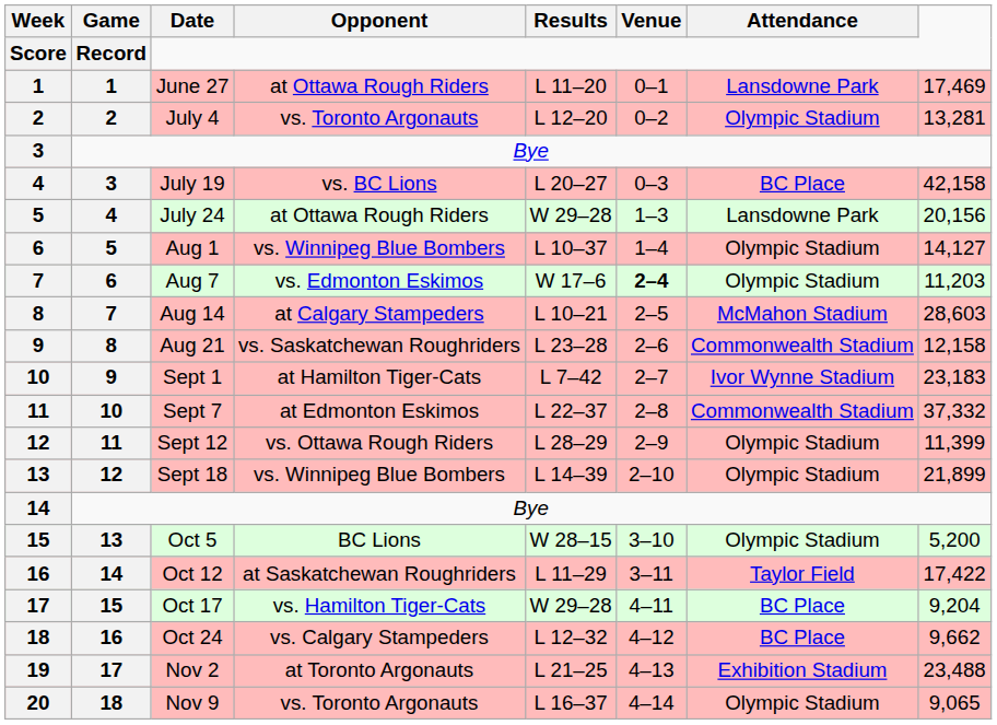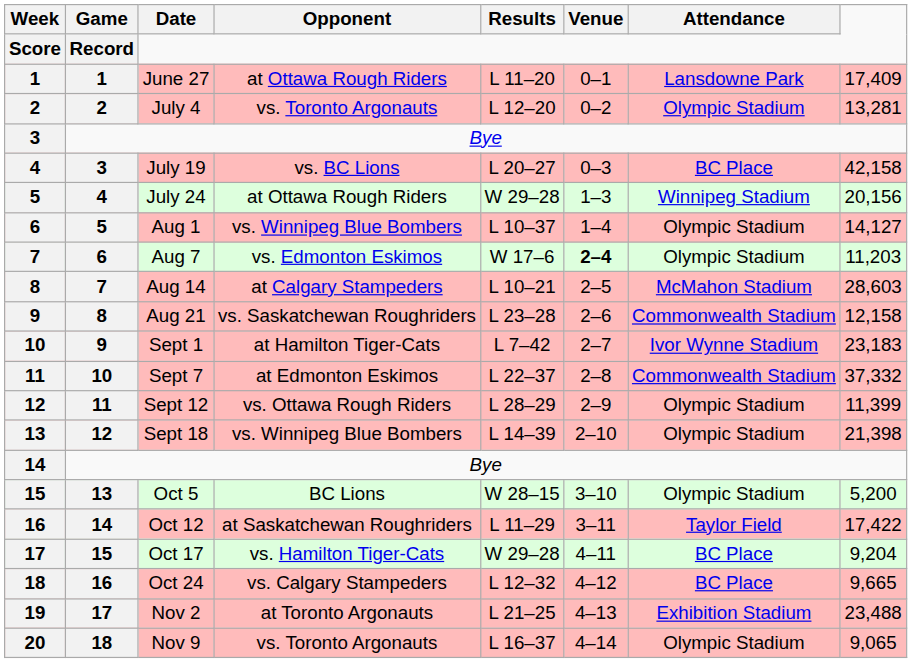 <table class="wikitable" style="text-align:center">
 <tr>
 <th>Week</th>
 <th>Game</th>
 <th>Date</th>
 <th>Opponent</th>
 <th>Results</th>
 <th>Venue</th>
 <th>Attendance</th>
 </tr>
 <tr>
 <th>Score</th>
 <th>Record</th>
 </tr>
 <tr style="background:#ffbbbb">
 <th>1</th>
 <th>1</th>
 <td>June 27</td>
 <td>at <a href='#'>Ottawa Rough Riders</a></td>
 <td>L 11–20</td>
 <td>0–1</td>
 <td><a href='#'>Lansdowne Park</a></td>
-<td>17,469</td>
+<td>17,409</td>
 </tr>
 <tr style="background:#ffbbbb">
 <th>2</th>
 <th>2</th>
 <td>July 4</td>
 <td>vs. <a href='#'>Toronto Argonauts</a></td>
 <td>L 12–20</td>
 <td>0–2</td>
 <td><a href='#'>Olympic Stadium</a></td>
 <td>13,281</td>
 </tr>
 <tr>
 <th>3</th>
 <td colspan=7><em><a href='#'>Bye</a></em></td>
 </tr>
 <tr style="background:#ffbbbb">
 <th>4</th>
 <th>3</th>
 <td>July 19</td>
 <td>vs. <a href='#'>BC Lions</a></td>
 <td>L 20–27</td>
 <td>0–3</td>
 <td><a href='#'>BC Place</a></td>
 <td>42,158</td>
 </tr>
 <tr style="background:#ddffdd">
 <th>5</th>
 <th>4</th>
 <td>July 24</td>
 <td>at Ottawa Rough Riders</td>
 <td>W 29–28</td>
 <td>1–3</td>
-<td>Lansdowne Park</td>
+<td><a href='#'>Winnipeg Stadium</a></td>
 <td>20,156</td>
 </tr>
 <tr style="background:#ffbbbb">
 <th>6</th>
 <th>5</th>
 <td>Aug 1</td>
 <td>vs. <a href='#'>Winnipeg Blue Bombers</a></td>
 <td>L 10–37</td>
 <td>1–4</td>
 <td>Olympic Stadium</td>
 <td>14,127</td>
 </tr>
 <tr style="background:#ddffdd">
 <th>7</th>
 <th>6</th>
 <td>Aug 7</td>
 <td>vs. <a href='#'>Edmonton Eskimos</a></td>
 <td>W 17–6</td>
 <td><strong>2–4</strong></td>
 <td>Olympic Stadium</td>
 <td>11,203</td>
 </tr>
 <tr style="background:#ffbbbb">
 <th>8</th>
 <th>7</th>
 <td>Aug 14</td>
 <td>at <a href='#'>Calgary Stampeders</a></td>
 <td>L 10–21</td>
 <td>2–5</td>
 <td><a href='#'>McMahon Stadium</a></td>
 <td>28,603</td>
 </tr>
 <tr style="background:#ffbbbb">
 <th>9</th>
 <th>8</th>
 <td>Aug 21</td>
 <td>vs. Saskatchewan Roughriders</td>
 <td>L 23–28</td>
 <td>2–6</td>
 <td><a href='#'>Commonwealth Stadium</a></td>
 <td>12,158</td>
 </tr>
 <tr style="background:#ffbbbb">
 <th>10</th>
 <th>9</th>
 <td>Sept 1</td>
 <td>at Hamilton Tiger-Cats</td>
 <td>L 7–42</td>
 <td>2–7</td>
 <td><a href='#'>Ivor Wynne Stadium</a></td>
 <td>23,183</td>
 </tr>
 <tr style="background:#ffbbbb">
 <th>11</th>
 <th>10</th>
 <td>Sept 7</td>
 <td>at Edmonton Eskimos</td>
 <td>L 22–37</td>
 <td>2–8</td>
 <td><a href='#'>Commonwealth Stadium</a></td>
 <td>37,332</td>
 </tr>
 <tr style="background:#ffbbbb">
 <th>12</th>
 <th>11</th>
 <td>Sept 12</td>
 <td>vs. Ottawa Rough Riders</td>
 <td>L 28–29</td>
 <td>2–9</td>
 <td>Olympic Stadium</td>
 <td>11,399</td>
 </tr>
 <tr style="background:#ffbbbb">
 <th>13</th>
 <th>12</th>
 <td>Sept 18</td>
 <td>vs. Winnipeg Blue Bombers</td>
 <td>L 14–39</td>
 <td>2–10</td>
 <td>Olympic Stadium</td>
-<td>21,899</td>
+<td>21,398</td>
 </tr>
 <tr>
 <th>14</th>
 <td colspan=7><em>Bye</em></td>
 </tr>
 <tr style="background:#ddffdd">
 <th>15</th>
 <th>13</th>
 <td>Oct 5</td>
 <td>BC Lions</td>
 <td>W 28–15</td>
 <td>3–10</td>
 <td>Olympic Stadium</td>
 <td>5,200</td>
 </tr>
 <tr style="background:#ffbbbb">
 <th>16</th>
 <th>14</th>
 <td>Oct 12</td>
 <td>at Saskatchewan Roughriders</td>
 <td>L 11–29</td>
 <td>3–11</td>
 <td><a href='#'>Taylor Field</a></td>
 <td>17,422</td>
 </tr>
 <tr style="background:#ddffdd">
 <th>17</th>
 <th>15</th>
 <td>Oct 17</td>
 <td>vs. <a href='#'>Hamilton Tiger-Cats</a></td>
 <td>W 29–28</td>
 <td>4–11</td>
 <td><a href='#'>BC Place</a></td>
 <td>9,204</td>
 </tr>
 <tr style="background:#ffbbbb">
 <th>18</th>
 <th>16</th>
 <td>Oct 24</td>
 <td>vs. Calgary Stampeders</td>
 <td>L 12–32</td>
 <td>4–12</td>
 <td><a href='#'>BC Place</a></td>
-<td>9,662</td>
+<td>9,665</td>
 </tr>
 <tr style="background:#ffbbbb">
 <th>19</th>
 <th>17</th>
 <td>Nov 2</td>
 <td>at Toronto Argonauts</td>
 <td>L 21–25</td>
 <td>4–13</td>
 <td><a href='#'>Exhibition Stadium</a></td>
 <td>23,488</td>
 </tr>
 <tr style="background:#ffbbbb">
 <th>20</th>
 <th>18</th>
 <td>Nov 9</td>
 <td>vs. Toronto Argonauts</td>
 <td>L 16–37</td>
 <td>4–14</td>
 <td>Olympic Stadium</td>
 <td>9,065</td>
 </tr>
 </table>
